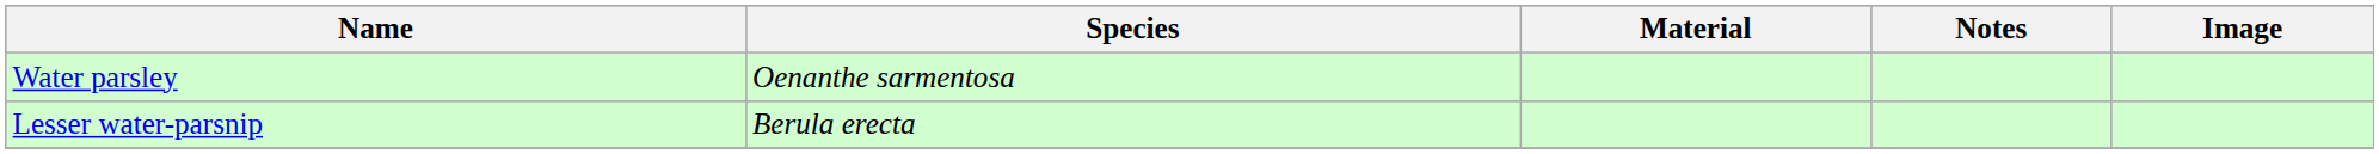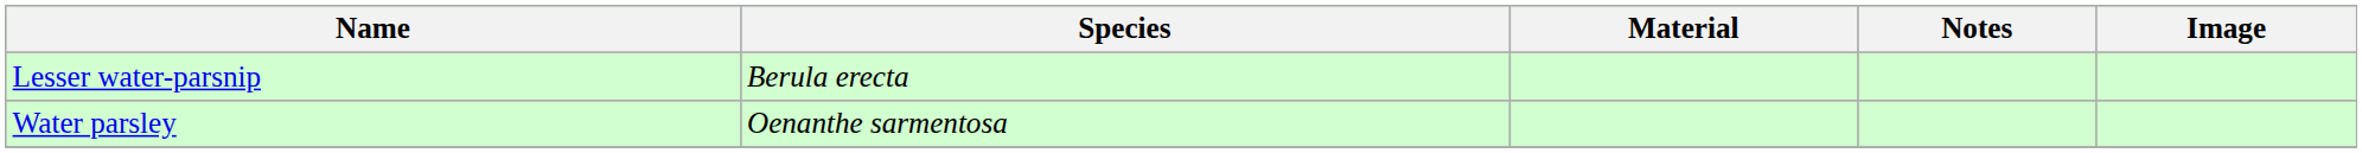 <table class="wikitable" align="center" width="100%" style="background:#D1FFCF;">
 <tr>
 <th>Name</th>
 <th>Species</th>
 <th>Material</th>
 <th>Notes</th>
 <th>Image</th>
 </tr>
 <tr>
+<td><a href='#'>Lesser water-parsnip</a></td>
+<td><em>Berula erecta</em></td>
+<td></td>
+<td></td>
+<td></td>
+</tr>
+<tr>
 <td><a href='#'>Water parsley</a></td>
 <td><em>Oenanthe sarmentosa</em></td>
 <td></td>
 <td></td>
 <td></td>
 </tr>
 <tr>
-<td><a href='#'>Lesser water-parsnip</a></td>
-<td><em>Berula erecta</em></td>
-<td></td>
-<td></td>
-<td></td>
-</tr>
-<tr>
 </tr>
 </table>
